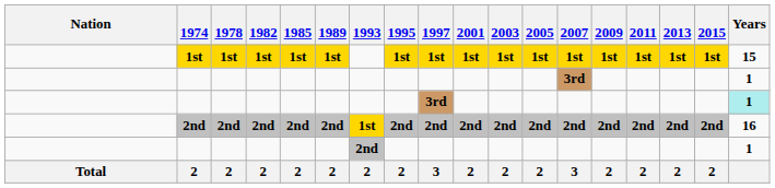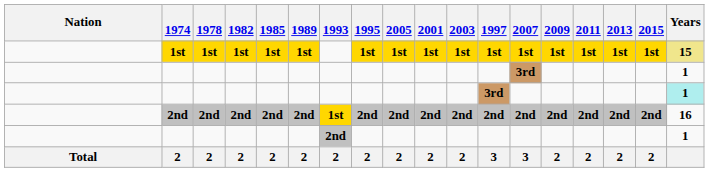 <table class="wikitable" style="text-align:center; font-size:90%">
 <tr>
 <th width=170>Nation</th>
 <th><br><a href='#'>1974</a></th>
 <th><br><a href='#'>1978</a></th>
 <th><br><a href='#'>1982</a></th>
 <th><br><a href='#'>1985</a></th>
 <th><br><a href='#'>1989</a></th>
 <th><br><a href='#'>1993</a></th>
 <th><br><a href='#'>1995</a></th>
-<th><br><a href='#'>1997</a></th>
+<th><br><a href='#'>2005</a></th>
 <th><br><a href='#'>2001</a></th>
 <th><br><a href='#'>2003</a></th>
-<th><br><a href='#'>2005</a></th>
+<th><br><a href='#'>1997</a></th>
 <th><br><a href='#'>2007</a></th>
 <th><br><a href='#'>2009</a></th>
 <th><br><a href='#'>2011</a></th>
 <th><br><a href='#'>2013</a></th>
 <th><br><a href='#'>2015</a></th>
 <th>Years</th>
 </tr>
 <tr>
 <td align=left></td>
 <td bgcolor=gold><strong>1st</strong></td>
 <td bgcolor=gold><strong>1st</strong></td>
 <td bgcolor=gold><strong>1st</strong></td>
 <td bgcolor=gold><strong>1st</strong></td>
 <td bgcolor=gold><strong>1st</strong></td>
 <td></td>
 <td bgcolor=gold><strong>1st</strong></td>
 <td bgcolor=gold><strong>1st</strong></td>
 <td bgcolor=gold><strong>1st</strong></td>
 <td bgcolor=gold><strong>1st</strong></td>
 <td bgcolor=gold><strong>1st</strong></td>
 <td bgcolor=gold><strong>1st</strong></td>
 <td bgcolor=gold><strong>1st</strong></td>
 <td bgcolor=gold><strong>1st</strong></td>
 <td bgcolor=gold><strong>1st</strong></td>
 <td bgcolor=gold><strong>1st</strong></td>
-<td><strong>15</strong></td>
+<td style="background: khaki;"><strong>15</strong></td>
 </tr>
 <tr>
 <td align=left></td>
 <td></td>
 <td></td>
 <td></td>
 <td></td>
 <td></td>
 <td></td>
 <td></td>
 <td></td>
 <td></td>
 <td></td>
 <td></td>
 <td bgcolor=#cc9966><strong>3rd</strong></td>
 <td></td>
 <td></td>
 <td></td>
 <td></td>
 <td><strong>1</strong></td>
 </tr>
 <tr>
 <td align=left></td>
 <td></td>
 <td></td>
 <td></td>
 <td></td>
 <td></td>
 <td></td>
 <td></td>
-<td bgcolor=#cc9966><strong>3rd</strong></td>
 <td></td>
 <td></td>
 <td></td>
+<td bgcolor=#cc9966><strong>3rd</strong></td>
 <td></td>
 <td></td>
 <td></td>
 <td></td>
 <td></td>
 <td style="background: paleturquoise;"><strong>1</strong></td>
 </tr>
 <tr>
 <td align=left></td>
 <td bgcolor=silver><strong>2nd</strong></td>
 <td bgcolor=silver><strong>2nd</strong></td>
 <td bgcolor=silver><strong>2nd</strong></td>
 <td bgcolor=silver><strong>2nd</strong></td>
 <td bgcolor=silver><strong>2nd</strong></td>
 <td bgcolor=gold><strong>1st</strong></td>
 <td bgcolor=silver><strong>2nd</strong></td>
 <td bgcolor=silver><strong>2nd</strong></td>
 <td bgcolor=silver><strong>2nd</strong></td>
 <td bgcolor=silver><strong>2nd</strong></td>
 <td bgcolor=silver><strong>2nd</strong></td>
 <td bgcolor=silver><strong>2nd</strong></td>
 <td bgcolor=silver><strong>2nd</strong></td>
 <td bgcolor=silver><strong>2nd</strong></td>
 <td bgcolor=silver><strong>2nd</strong></td>
 <td bgcolor=silver><strong>2nd</strong></td>
 <td><strong>16</strong></td>
 </tr>
 <tr>
 <td align=left></td>
 <td></td>
 <td></td>
 <td></td>
 <td></td>
 <td></td>
 <td bgcolor=silver><strong>2nd</strong></td>
 <td></td>
 <td></td>
 <td></td>
 <td></td>
 <td></td>
 <td></td>
 <td></td>
 <td></td>
 <td></td>
 <td></td>
 <td><strong>1</strong></td>
 </tr>
 <tr>
 <th>Total</th>
 <th>2</th>
 <th>2</th>
 <th>2</th>
 <th>2</th>
 <th>2</th>
 <th>2</th>
 <th>2</th>
-<th>3</th>
 <th>2</th>
 <th>2</th>
 <th>2</th>
+<th>3</th>
 <th>3</th>
 <th>2</th>
 <th>2</th>
 <th>2</th>
 <th>2</th>
 <th></th>
 </tr>
 </table>
